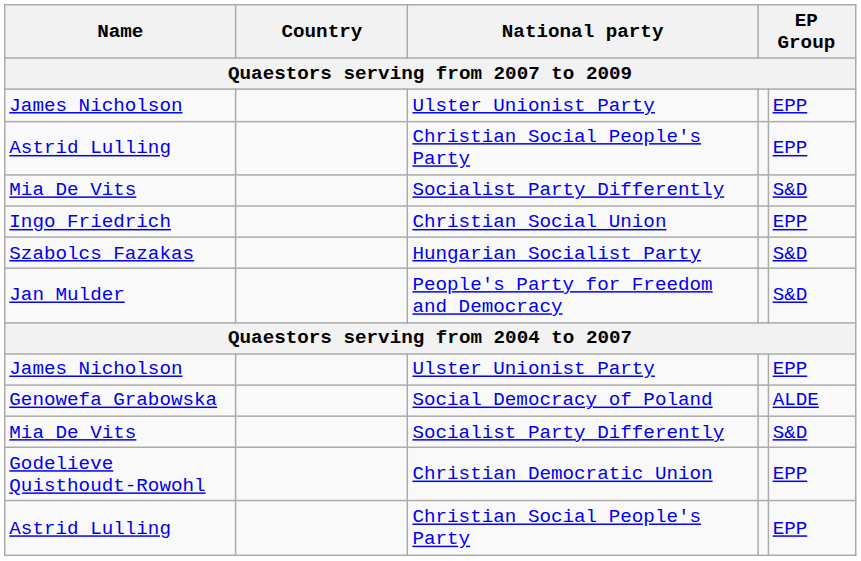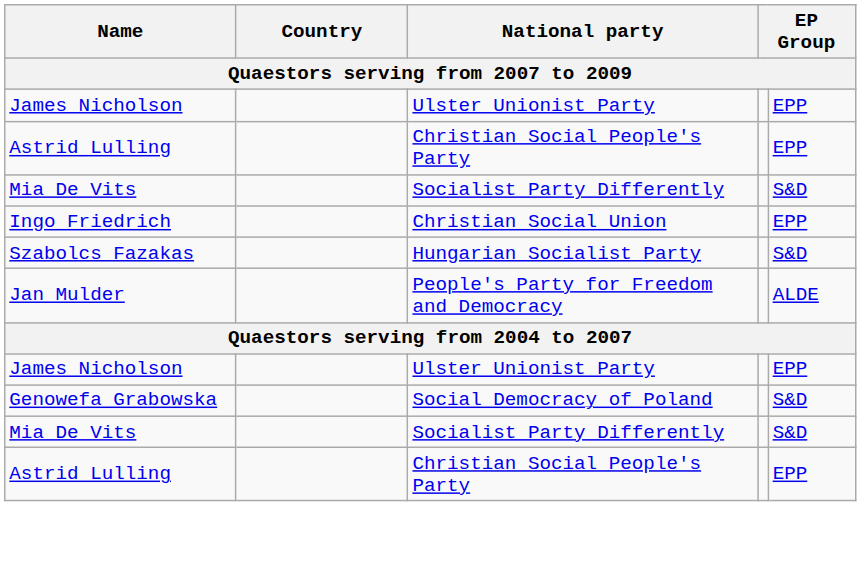 <table class="wikitable">
 <tr>
 <th scope="col" style="width:150px;">Name</th>
 <th scope="col" style="width:110px;">Country</th>
 <th scope="col" style="width:230px;">National party</th>
 <th colspan="2" style="width:60px;">EP Group</th>
 </tr>
 <tr>
 <th colspan="5" scope="col">Quaestors serving from 2007 to 2009</th>
 </tr>
 <tr>
 <td><a href='#'>James Nicholson</a></td>
 <td></td>
 <td><a href='#'>Ulster Unionist Party</a></td>
 <td style="width:1px;background-color:"></td>
 <td><a href='#'>EPP</a></td>
 </tr>
 <tr>
 <td><a href='#'>Astrid Lulling</a></td>
 <td></td>
 <td><a href='#'>Christian Social People's Party</a></td>
 <td style="width:1px;background-color:"></td>
 <td><a href='#'>EPP</a></td>
 </tr>
 <tr>
 <td><a href='#'>Mia De Vits</a></td>
 <td></td>
 <td><a href='#'>Socialist Party Differently</a></td>
 <td style="width:1px;background-color:"></td>
 <td><a href='#'>S&D</a></td>
 </tr>
 <tr>
 <td><a href='#'>Ingo Friedrich</a></td>
 <td></td>
 <td><a href='#'>Christian Social Union</a></td>
 <td style="width:1px;background-color:"></td>
 <td><a href='#'>EPP</a></td>
 </tr>
 <tr>
 <td><a href='#'>Szabolcs Fazakas</a></td>
 <td></td>
 <td><a href='#'>Hungarian Socialist Party</a></td>
 <td style="width:1px;background-color:"></td>
 <td><a href='#'>S&D</a></td>
 </tr>
 <tr>
 <td><a href='#'>Jan Mulder</a></td>
 <td></td>
 <td><a href='#'>People's Party for Freedom and Democracy</a></td>
 <td style="width:1px;background-color:"></td>
-<td><a href='#'>S&D</a></td>
+<td><a href='#'>ALDE</a></td>
 </tr>
 <tr>
 <th colspan="5" scope="col">Quaestors serving from 2004 to 2007</th>
 </tr>
 <tr>
 <td><a href='#'>James Nicholson</a></td>
 <td></td>
 <td><a href='#'>Ulster Unionist Party</a></td>
 <td style="width:1px;background-color:"></td>
 <td><a href='#'>EPP</a></td>
 </tr>
 <tr>
 <td><a href='#'>Genowefa Grabowska</a></td>
 <td></td>
 <td><a href='#'>Social Democracy of Poland</a></td>
 <td style="width:1px;background-color:"></td>
-<td><a href='#'>ALDE</a></td>
+<td><a href='#'>S&D</a></td>
 </tr>
 <tr>
 <td><a href='#'>Mia De Vits</a></td>
 <td></td>
 <td><a href='#'>Socialist Party Differently</a></td>
 <td style="width:1px;background-color:"></td>
 <td><a href='#'>S&D</a></td>
 </tr>
 <tr>
-<td><a href='#'>Godelieve Quisthoudt-Rowohl</a></td>
-<td></td>
-<td><a href='#'>Christian Democratic Union</a></td>
-<td style="width:1px;background-color:"></td>
-<td><a href='#'>EPP</a></td>
-</tr>
-<tr>
 <td><a href='#'>Astrid Lulling</a></td>
 <td></td>
 <td><a href='#'>Christian Social People's Party</a></td>
 <td style="width:1px;background-color:"></td>
 <td><a href='#'>EPP</a></td>
 </tr>
 </table>
